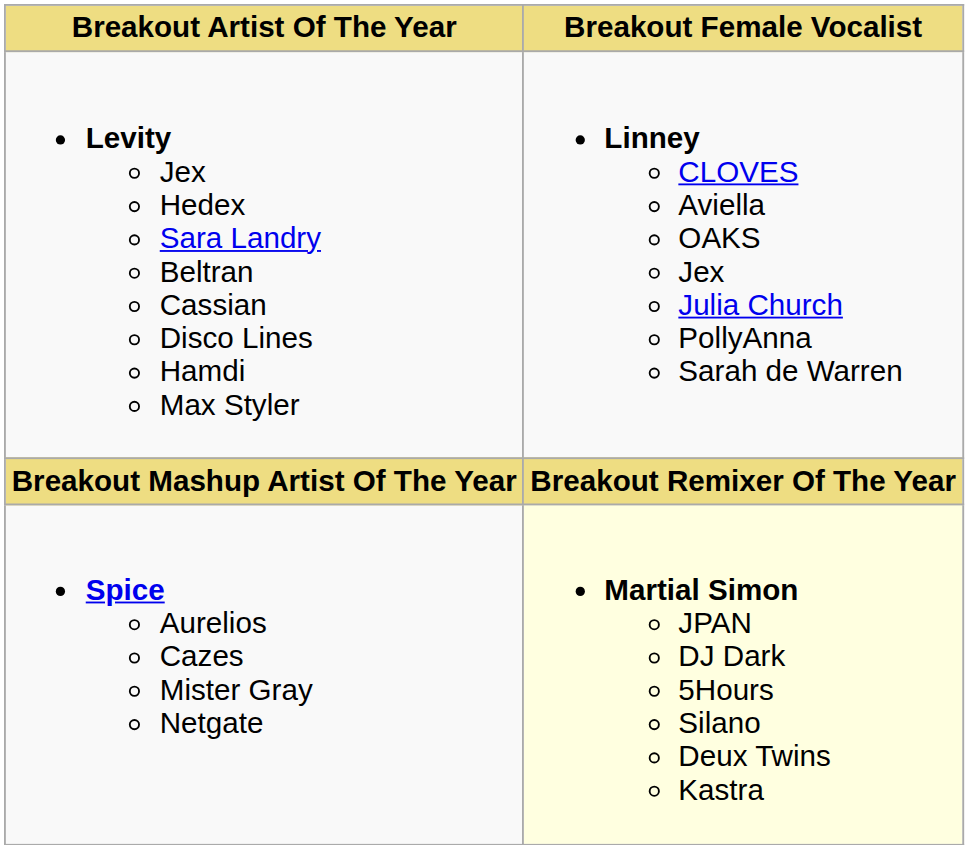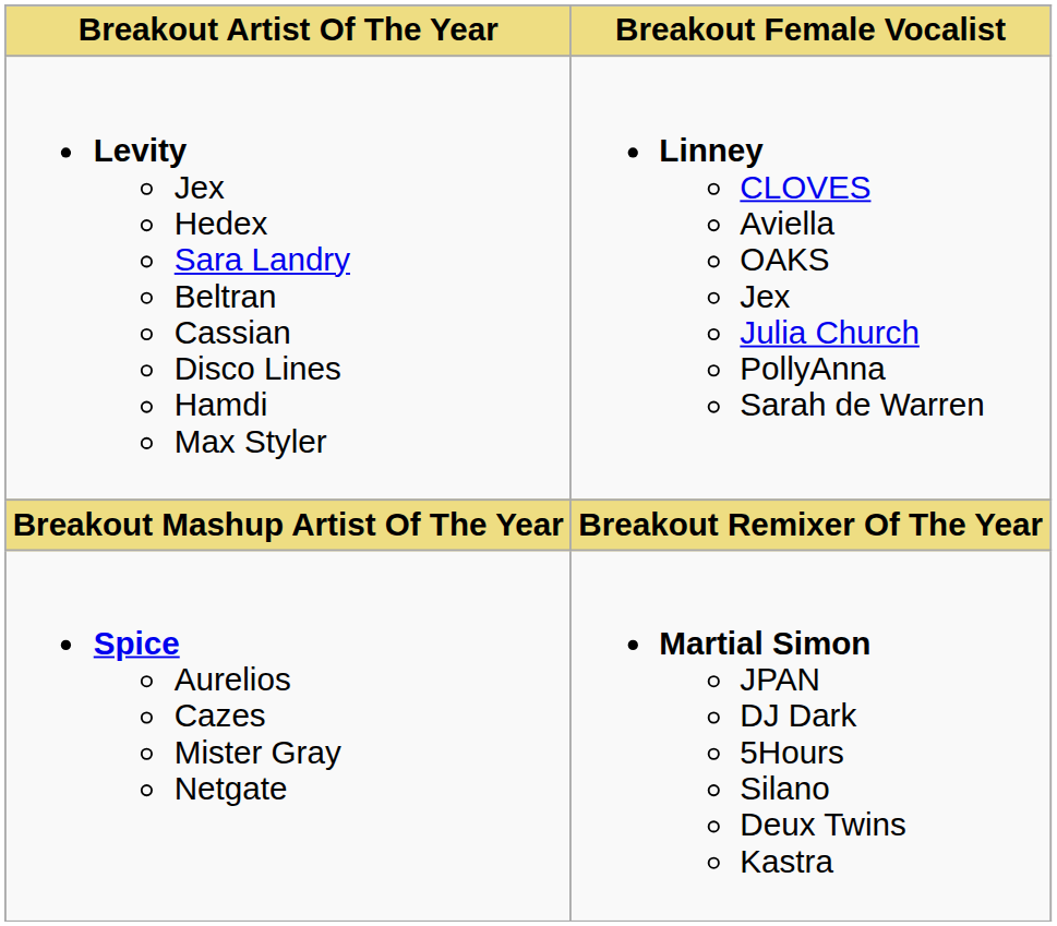 <table class="wikitable">
 <tr>
 <th style="background:#EEDD82; width=50%">Breakout Artist Of The Year</th>
 <th style="background:#EEDD82; width=50%">Breakout Female Vocalist</th>
 </tr>
 <tr>
 <td valign="top"><br><ul><li><strong>Levity</strong><ul><li>Jex</li><li>Hedex</li><li><a href='#'>Sara Landry</a></li><li>Beltran</li><li>Cassian</li><li>Disco Lines</li><li>Hamdi</li><li>Max Styler</li></ul></li></ul></td>
 <td valign="top"><br><ul><li><strong>Linney</strong><ul><li><a href='#'>CLOVES</a></li><li>Aviella</li><li>OAKS</li><li>Jex</li><li><a href='#'>Julia Church</a></li><li>PollyAnna</li><li>Sarah de Warren</li></ul></li></ul></td>
 </tr>
 <tr>
 <th style="background:#EEDD82; width=50%">Breakout Mashup Artist Of The Year</th>
 <th style="background:#EEDD82; width=50%">Breakout Remixer Of The Year</th>
 </tr>
 <tr>
 <td valign="top"><br><ul><li><strong><a href='#'>Spice</a></strong><ul><li>Aurelios</li><li>Cazes</li><li>Mister Gray</li><li>Netgate</li></ul></li></ul></td>
-<td valign="top" style="background: lightyellow;"><br><ul><li><strong>Martial Simon</strong><ul><li>JPAN</li><li>DJ Dark</li><li>5Hours</li><li>Silano</li><li>Deux Twins</li><li>Kastra</li></ul></li></ul></td>
+<td valign="top"><br><ul><li><strong>Martial Simon</strong><ul><li>JPAN</li><li>DJ Dark</li><li>5Hours</li><li>Silano</li><li>Deux Twins</li><li>Kastra</li></ul></li></ul></td>
 </tr>
 </table>
